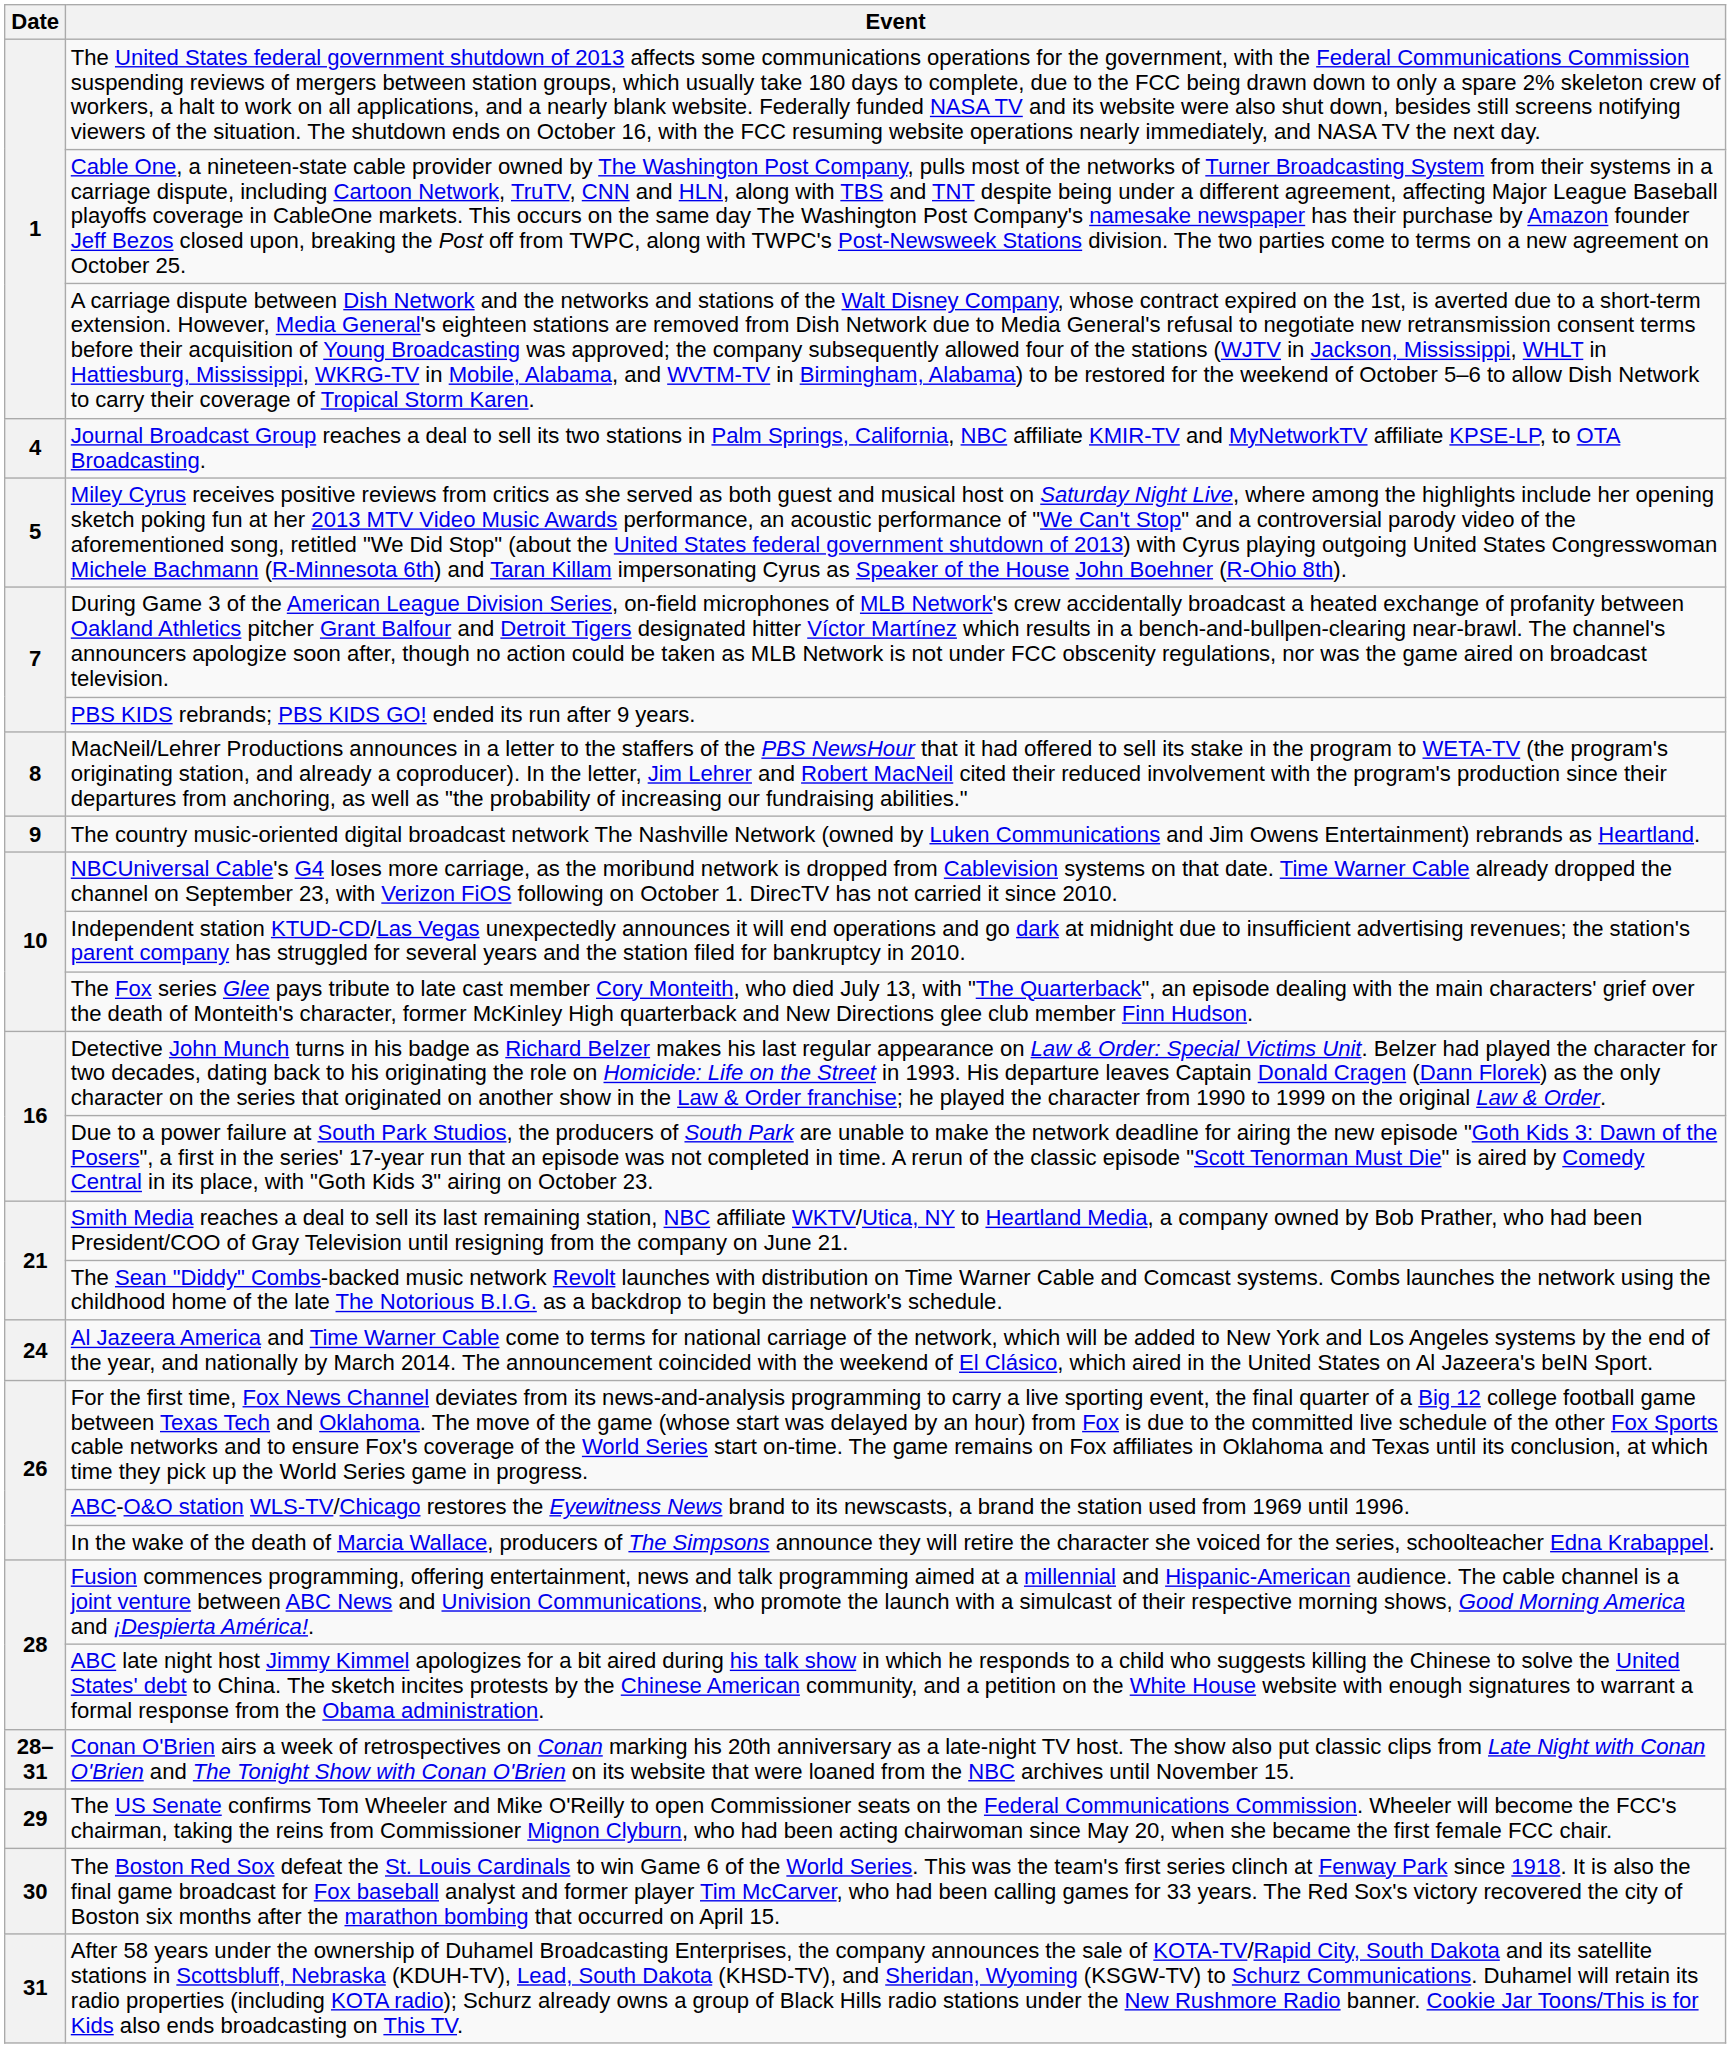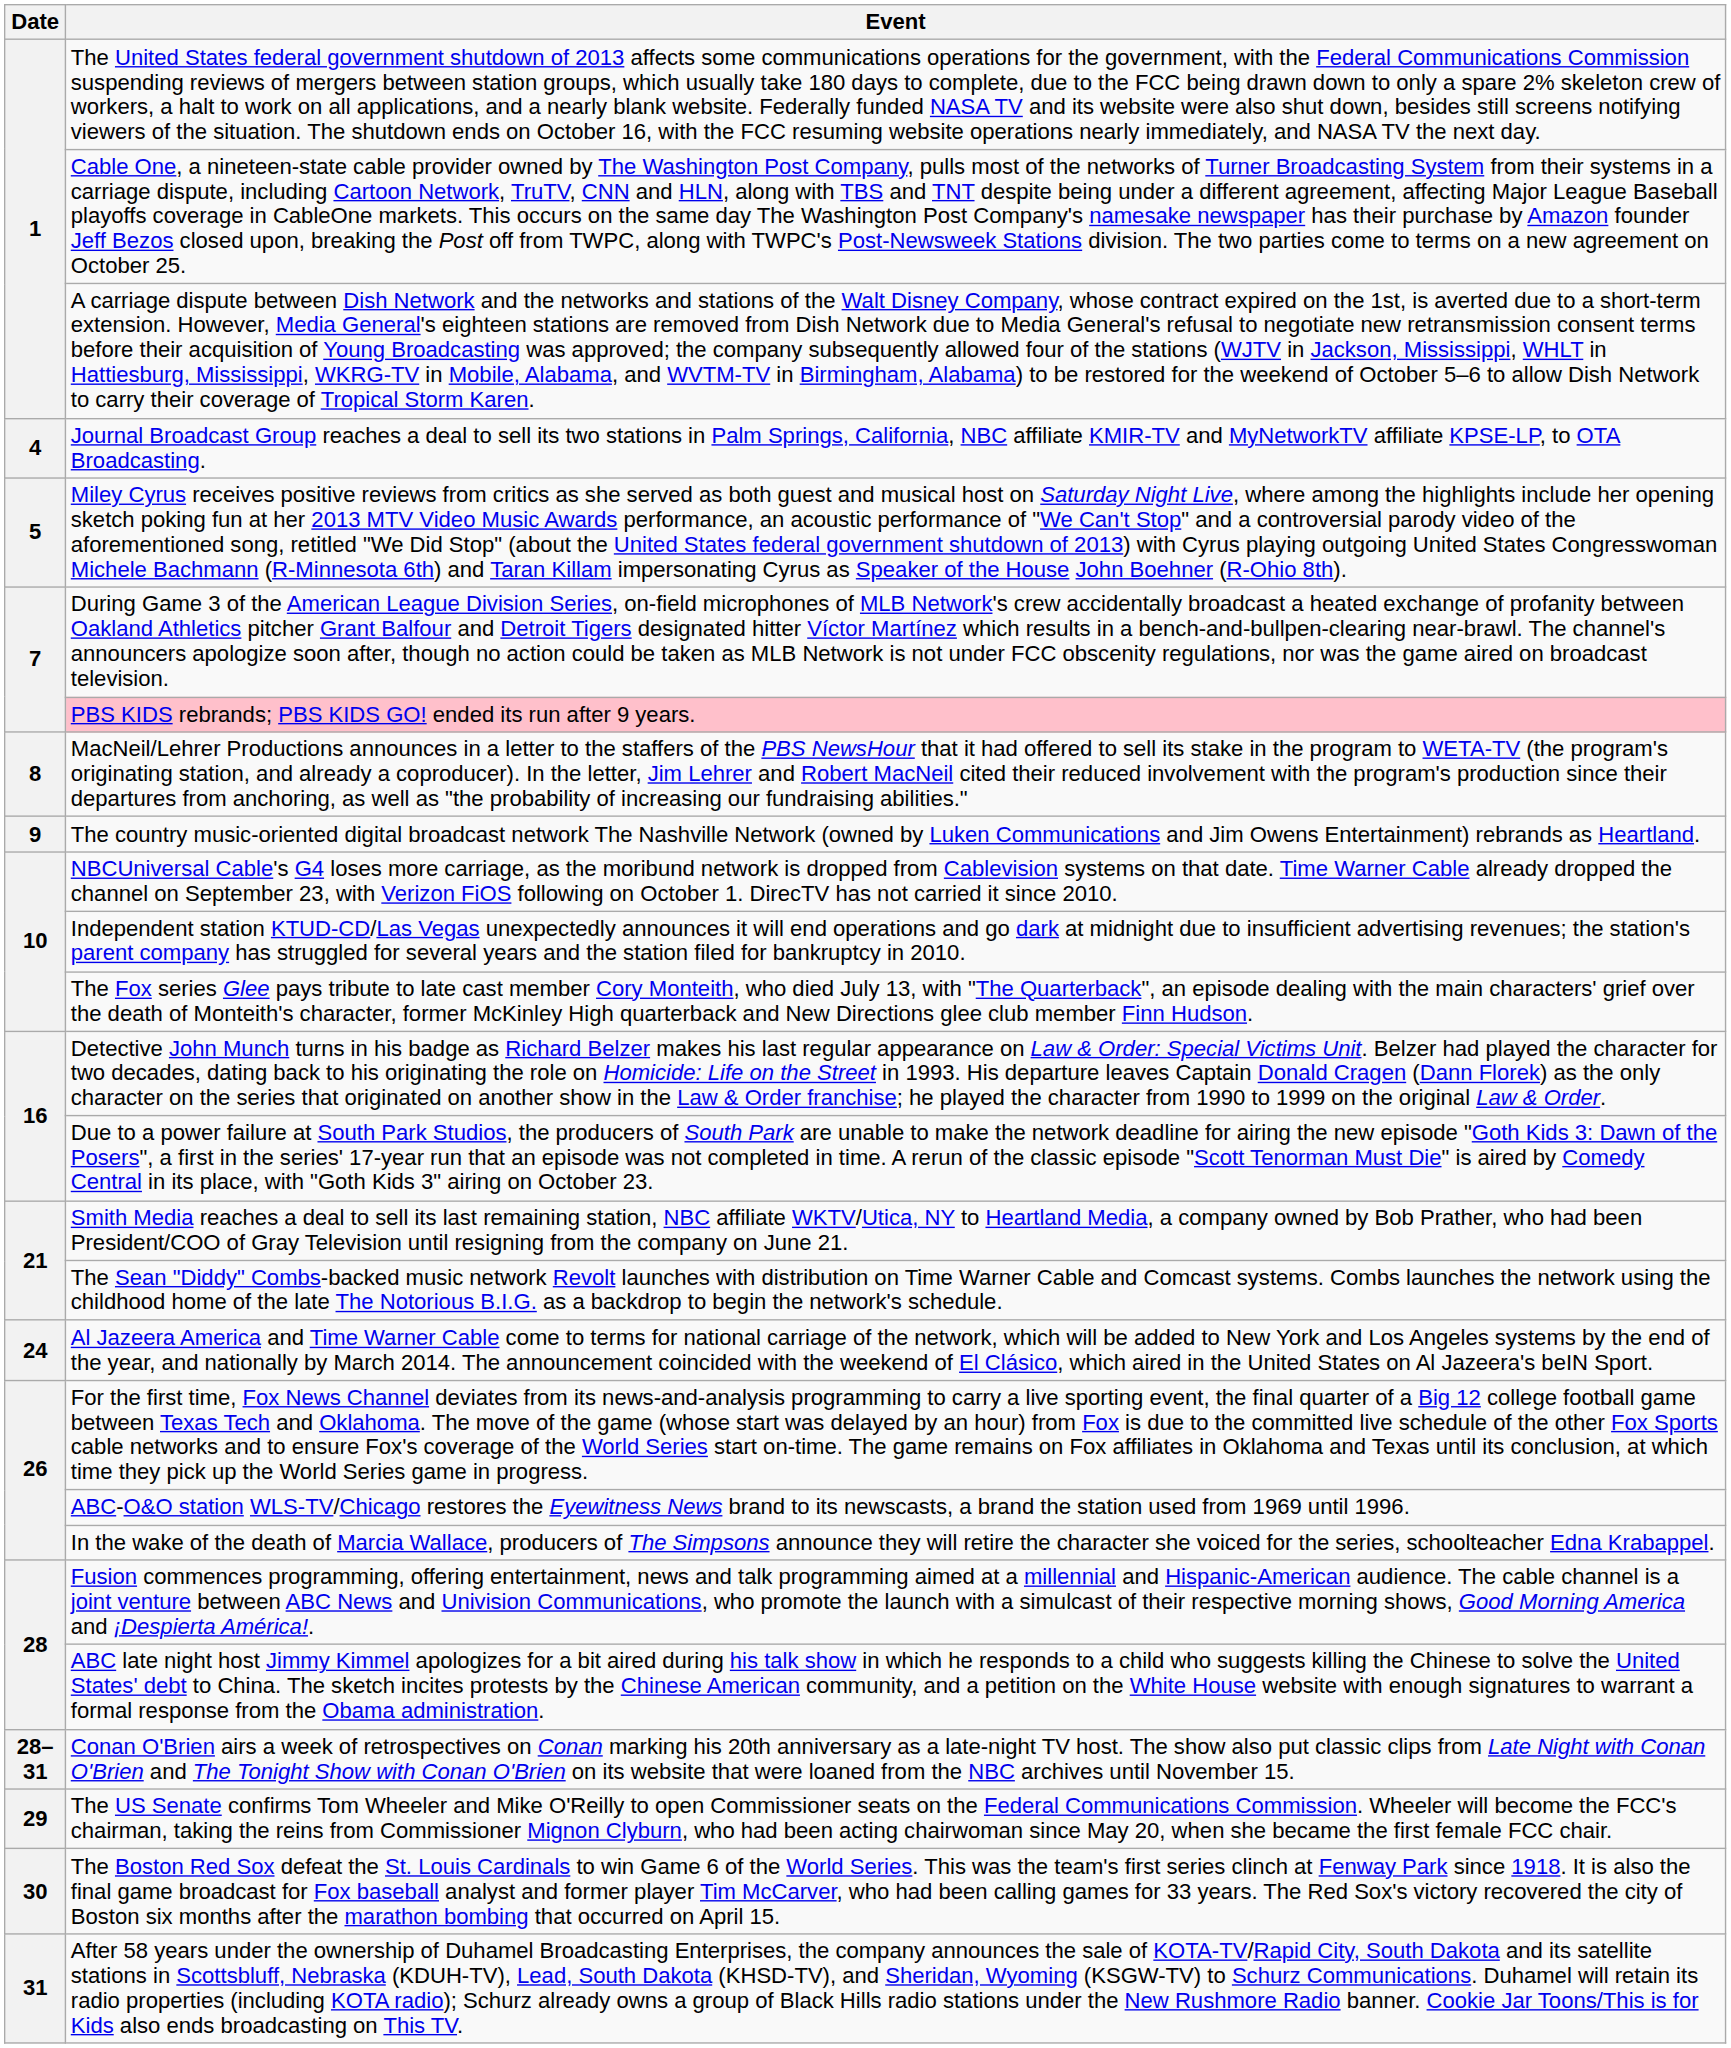 <table class="wikitable">
 <tr>
 <th>Date</th>
 <th>Event</th>
 </tr>
 <tr>
 <th rowspan="3">1</th>
 <td>The <a href='#'>United States federal government shutdown of 2013</a> affects some communications operations for the government, with the <a href='#'>Federal Communications Commission</a> suspending reviews of mergers between station groups, which usually take 180 days to complete, due to the FCC being drawn down to only a spare 2% skeleton crew of workers, a halt to work on all applications, and a nearly blank website. Federally funded <a href='#'>NASA TV</a> and its website were also shut down, besides still screens notifying viewers of the situation. The shutdown ends on October 16, with the FCC resuming website operations nearly immediately, and NASA TV the next day.</td>
 </tr>
 <tr>
 <td><a href='#'>Cable One</a>, a nineteen-state cable provider owned by <a href='#'>The Washington Post Company</a>, pulls most of the networks of <a href='#'>Turner Broadcasting System</a> from their systems in a carriage dispute, including <a href='#'>Cartoon Network</a>, <a href='#'>TruTV</a>, <a href='#'>CNN</a> and <a href='#'>HLN</a>, along with <a href='#'>TBS</a> and <a href='#'>TNT</a> despite being under a different agreement, affecting Major League Baseball playoffs coverage in CableOne markets. This occurs on the same day The Washington Post Company's <a href='#'>namesake newspaper</a> has their purchase by <a href='#'>Amazon</a> founder <a href='#'>Jeff Bezos</a> closed upon, breaking the <em>Post</em> off from TWPC, along with TWPC's <a href='#'>Post-Newsweek Stations</a> division. The two parties come to terms on a new agreement on October 25. </td>
 </tr>
 <tr>
 <td>A carriage dispute between <a href='#'>Dish Network</a> and the networks and stations of the <a href='#'>Walt Disney Company</a>, whose contract expired on the 1st, is averted due to a short-term extension. However, <a href='#'>Media General</a>'s eighteen stations are removed from Dish Network due to Media General's refusal to negotiate new retransmission consent terms before their acquisition of <a href='#'>Young Broadcasting</a> was approved; the company subsequently allowed four of the stations (<a href='#'>WJTV</a> in <a href='#'>Jackson, Mississippi</a>, <a href='#'>WHLT</a> in <a href='#'>Hattiesburg, Mississippi</a>, <a href='#'>WKRG-TV</a> in <a href='#'>Mobile, Alabama</a>, and <a href='#'>WVTM-TV</a> in <a href='#'>Birmingham, Alabama</a>) to be restored for the weekend of October 5–6 to allow Dish Network to carry their coverage of <a href='#'>Tropical Storm Karen</a>.</td>
 </tr>
 <tr>
 <th>4</th>
 <td><a href='#'>Journal Broadcast Group</a> reaches a deal to sell its two stations in <a href='#'>Palm Springs, California</a>, <a href='#'>NBC</a> affiliate <a href='#'>KMIR-TV</a> and <a href='#'>MyNetworkTV</a> affiliate <a href='#'>KPSE-LP</a>, to <a href='#'>OTA Broadcasting</a>.</td>
 </tr>
 <tr>
 <th>5</th>
 <td><a href='#'>Miley Cyrus</a> receives positive reviews from critics as she served as both guest and musical host on <em><a href='#'>Saturday Night Live</a></em>, where among the highlights include her opening sketch poking fun at her <a href='#'>2013 MTV Video Music Awards</a> performance, an acoustic performance of "<a href='#'>We Can't Stop</a>" and a controversial parody video of the aforementioned song, retitled "We Did Stop" (about the <a href='#'>United States federal government shutdown of 2013</a>) with Cyrus playing outgoing United States Congresswoman <a href='#'>Michele Bachmann</a> (<a href='#'>R-Minnesota 6th</a>) and <a href='#'>Taran Killam</a> impersonating Cyrus as <a href='#'>Speaker of the House</a> <a href='#'>John Boehner</a> (<a href='#'>R-Ohio 8th</a>).</td>
 </tr>
 <tr>
 <th rowspan="2">7</th>
 <td>During Game 3 of the <a href='#'>American League Division Series</a>, on-field microphones of <a href='#'>MLB Network</a>'s crew accidentally broadcast a heated exchange of profanity between <a href='#'>Oakland Athletics</a> pitcher <a href='#'>Grant Balfour</a> and <a href='#'>Detroit Tigers</a> designated hitter <a href='#'>Víctor Martínez</a> which results in a bench-and-bullpen-clearing near-brawl. The channel's announcers apologize soon after, though no action could be taken as MLB Network is not under FCC obscenity regulations, nor was the game aired on broadcast television.</td>
 </tr>
 <tr>
-<td><a href='#'>PBS KIDS</a> rebrands; <a href='#'>PBS KIDS GO!</a> ended its run after 9 years.</td>
+<td style="background: pink;"><a href='#'>PBS KIDS</a> rebrands; <a href='#'>PBS KIDS GO!</a> ended its run after 9 years.</td>
 </tr>
 <tr>
 <th>8</th>
 <td>MacNeil/Lehrer Productions announces in a letter to the staffers of the <em><a href='#'>PBS NewsHour</a></em> that it had offered to sell its stake in the program to <a href='#'>WETA-TV</a> (the program's originating station, and already a coproducer). In the letter, <a href='#'>Jim Lehrer</a> and <a href='#'>Robert MacNeil</a> cited their reduced involvement with the program's production since their departures from anchoring, as well as "the probability of increasing our fundraising abilities."</td>
 </tr>
 <tr>
 <th>9</th>
 <td>The country music-oriented digital broadcast network The Nashville Network (owned by <a href='#'>Luken Communications</a> and Jim Owens Entertainment) rebrands as <a href='#'>Heartland</a>.</td>
 </tr>
 <tr>
 <th rowspan="3">10</th>
 <td><a href='#'>NBCUniversal Cable</a>'s <a href='#'>G4</a> loses more carriage, as the moribund network is dropped from <a href='#'>Cablevision</a> systems on that date. <a href='#'>Time Warner Cable</a> already dropped the channel on September 23, with <a href='#'>Verizon FiOS</a> following on October 1. DirecTV has not carried it since 2010.</td>
 </tr>
 <tr>
 <td>Independent station <a href='#'>KTUD-CD</a>/<a href='#'>Las Vegas</a> unexpectedly announces it will end operations and go <a href='#'>dark</a> at midnight due to insufficient advertising revenues; the station's <a href='#'>parent company</a> has struggled for several years and the station filed for bankruptcy in 2010.</td>
 </tr>
 <tr>
 <td>The <a href='#'>Fox</a> series <em><a href='#'>Glee</a></em> pays tribute to late cast member <a href='#'>Cory Monteith</a>, who died July 13, with "<a href='#'>The Quarterback</a>", an episode dealing with the main characters' grief over the death of Monteith's character, former McKinley High quarterback and New Directions glee club member <a href='#'>Finn Hudson</a>.</td>
 </tr>
 <tr>
 <th rowspan="2">16</th>
 <td>Detective <a href='#'>John Munch</a> turns in his badge as <a href='#'>Richard Belzer</a> makes his last regular appearance on <em><a href='#'>Law & Order: Special Victims Unit</a></em>. Belzer had played the character for two decades, dating back to his originating the role on <em><a href='#'>Homicide: Life on the Street</a></em> in 1993. His departure leaves Captain <a href='#'>Donald Cragen</a> (<a href='#'>Dann Florek</a>) as the only character on the series that originated on another show in the <a href='#'>Law & Order franchise</a>; he played the character from 1990 to 1999 on the original <em><a href='#'>Law & Order</a></em>.</td>
 </tr>
 <tr>
 <td>Due to a power failure at <a href='#'>South Park Studios</a>, the producers of <em><a href='#'>South Park</a></em> are unable to make the network deadline for airing the new episode "<a href='#'>Goth Kids 3: Dawn of the Posers</a>", a first in the series' 17-year run that an episode was not completed in time. A rerun of the classic episode "<a href='#'>Scott Tenorman Must Die</a>" is aired by <a href='#'>Comedy Central</a> in its place, with "Goth Kids 3" airing on October 23.</td>
 </tr>
 <tr>
 <th rowspan="2">21</th>
 <td><a href='#'>Smith Media</a> reaches a deal to sell its last remaining station, <a href='#'>NBC</a> affiliate <a href='#'>WKTV</a>/<a href='#'>Utica, NY</a> to <a href='#'>Heartland Media</a>, a company owned by Bob Prather, who had been President/COO of Gray Television until resigning from the company on June 21.</td>
 </tr>
 <tr>
 <td>The <a href='#'>Sean "Diddy" Combs</a>-backed music network <a href='#'>Revolt</a> launches with distribution on Time Warner Cable and Comcast systems. Combs launches the network using the childhood home of the late <a href='#'>The Notorious B.I.G.</a> as a backdrop to begin the network's schedule.</td>
 </tr>
 <tr>
 <th>24</th>
 <td><a href='#'>Al Jazeera America</a> and <a href='#'>Time Warner Cable</a> come to terms for national carriage of the network, which will be added to New York and Los Angeles systems by the end of the year, and nationally by March 2014. The announcement coincided with the weekend of <a href='#'>El Clásico</a>, which aired in the United States on Al Jazeera's beIN Sport.</td>
 </tr>
 <tr>
 <th rowspan="3">26</th>
 <td>For the first time, <a href='#'>Fox News Channel</a> deviates from its news-and-analysis programming to carry a live sporting event, the final quarter of a <a href='#'>Big 12</a> college football game between <a href='#'>Texas Tech</a> and <a href='#'>Oklahoma</a>. The move of the game (whose start was delayed by an hour) from <a href='#'>Fox</a> is due to the committed live schedule of the other <a href='#'>Fox Sports</a> cable networks and to ensure Fox's coverage of the <a href='#'>World Series</a> start on-time. The game remains on Fox affiliates in Oklahoma and Texas until its conclusion, at which time they pick up the World Series game in progress.</td>
 </tr>
 <tr>
 <td><a href='#'>ABC</a>-<a href='#'>O&O station</a> <a href='#'>WLS-TV</a>/<a href='#'>Chicago</a> restores the <em><a href='#'>Eyewitness News</a></em> brand to its newscasts, a brand the station used from 1969 until 1996.</td>
 </tr>
 <tr>
 <td>In the wake of the death of <a href='#'>Marcia Wallace</a>, producers of <em><a href='#'>The Simpsons</a></em> announce they will retire the character she voiced for the series, schoolteacher <a href='#'>Edna Krabappel</a>.</td>
 </tr>
 <tr>
 <th rowspan="2">28</th>
 <td><a href='#'>Fusion</a> commences programming, offering entertainment, news and talk programming aimed at a <a href='#'>millennial</a> and <a href='#'>Hispanic-American</a> audience. The cable channel is a <a href='#'>joint venture</a> between <a href='#'>ABC News</a> and <a href='#'>Univision Communications</a>, who promote the launch with a simulcast of their respective morning shows, <em><a href='#'>Good Morning America</a></em> and <em><a href='#'>¡Despierta América!</a></em>.</td>
 </tr>
 <tr>
 <td><a href='#'>ABC</a> late night host <a href='#'>Jimmy Kimmel</a> apologizes for a bit aired during <a href='#'>his talk show</a> in which he responds to a child who suggests killing the Chinese to solve the <a href='#'>United States' debt</a> to China. The sketch incites protests by the <a href='#'>Chinese American</a> community, and a petition on the <a href='#'>White House</a> website with enough signatures to warrant a formal response from the <a href='#'>Obama administration</a>.</td>
 </tr>
 <tr>
 <th>28–31</th>
 <td><a href='#'>Conan O'Brien</a> airs a week of retrospectives on <em><a href='#'>Conan</a></em> marking his 20th anniversary as a late-night TV host. The show also put classic clips from <em><a href='#'>Late Night with Conan O'Brien</a></em> and <em><a href='#'>The Tonight Show with Conan O'Brien</a></em> on its website that were loaned from the <a href='#'>NBC</a> archives until November 15.</td>
 </tr>
 <tr>
 <th>29</th>
 <td>The <a href='#'>US Senate</a> confirms Tom Wheeler and Mike O'Reilly to open Commissioner seats on the <a href='#'>Federal Communications Commission</a>. Wheeler will become the FCC's chairman, taking the reins from Commissioner <a href='#'>Mignon Clyburn</a>, who had been acting chairwoman since May 20, when she became the first female FCC chair.</td>
 </tr>
 <tr>
 <th>30</th>
 <td>The <a href='#'>Boston Red Sox</a> defeat the <a href='#'>St. Louis Cardinals</a> to win Game 6 of the <a href='#'>World Series</a>. This was the team's first series clinch at <a href='#'>Fenway Park</a> since <a href='#'>1918</a>. It is also the final game broadcast for <a href='#'>Fox baseball</a> analyst and former player <a href='#'>Tim McCarver</a>, who had been calling games for 33 years. The Red Sox's victory recovered the city of Boston six months after the <a href='#'>marathon bombing</a> that occurred on April 15.</td>
 </tr>
 <tr>
 <th>31</th>
 <td>After 58 years under the ownership of Duhamel Broadcasting Enterprises, the company announces the sale of <a href='#'>KOTA-TV</a>/<a href='#'>Rapid City, South Dakota</a> and its satellite stations in <a href='#'>Scottsbluff, Nebraska</a> (KDUH-TV), <a href='#'>Lead, South Dakota</a> (KHSD-TV), and <a href='#'>Sheridan, Wyoming</a> (KSGW-TV) to <a href='#'>Schurz Communications</a>. Duhamel will retain its radio properties (including <a href='#'>KOTA radio</a>); Schurz already owns a group of Black Hills radio stations under the <a href='#'>New Rushmore Radio</a> banner. <a href='#'>Cookie Jar Toons/This is for Kids</a> also ends broadcasting on <a href='#'>This TV</a>.</td>
 </tr>
 </table>
